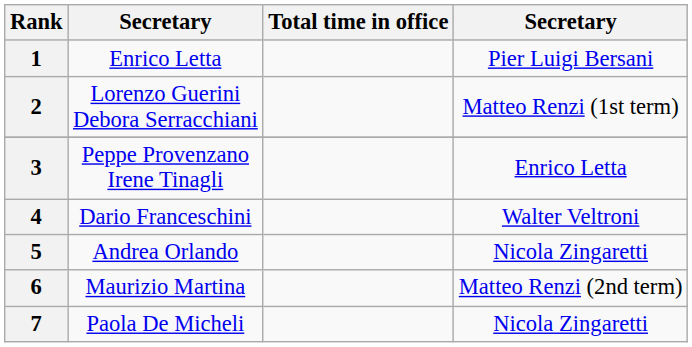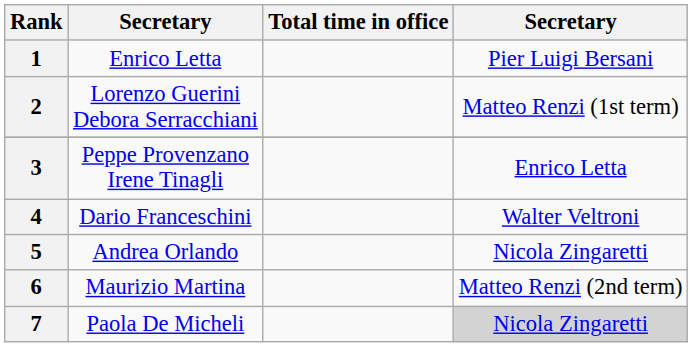 <table class="wikitable" style="text-align:center">
 <tr>
 <th>Rank</th>
 <th>Secretary</th>
 <th>Total time in office</th>
 <th>Secretary</th>
 </tr>
 <tr>
 <th>1</th>
 <td><a href='#'>Enrico Letta</a></td>
 <td></td>
 <td><a href='#'>Pier Luigi Bersani</a></td>
 </tr>
 <tr>
 <th>2</th>
 <td><a href='#'>Lorenzo Guerini</a><br><a href='#'>Debora Serracchiani</a></td>
 <td></td>
 <td><a href='#'>Matteo Renzi</a> (1st term)</td>
 </tr>
 <tr>
 </tr>
 <tr>
 <th>3</th>
 <td><a href='#'>Peppe Provenzano</a><br><a href='#'>Irene Tinagli</a></td>
 <td></td>
 <td><a href='#'>Enrico Letta</a></td>
 </tr>
 <tr>
 <th>4</th>
 <td><a href='#'>Dario Franceschini</a></td>
 <td></td>
 <td><a href='#'>Walter Veltroni</a></td>
 </tr>
 <tr>
 <th>5</th>
 <td><a href='#'>Andrea Orlando</a></td>
 <td></td>
 <td><a href='#'>Nicola Zingaretti</a></td>
 </tr>
 <tr>
 <th>6</th>
 <td><a href='#'>Maurizio Martina</a></td>
 <td></td>
 <td><a href='#'>Matteo Renzi</a> (2nd term)</td>
 </tr>
 <tr>
 <th>7</th>
 <td><a href='#'>Paola De Micheli</a></td>
 <td></td>
-<td><a href='#'>Nicola Zingaretti</a></td>
+<td style="background: lightgrey;"><a href='#'>Nicola Zingaretti</a></td>
 </tr>
 </table>
